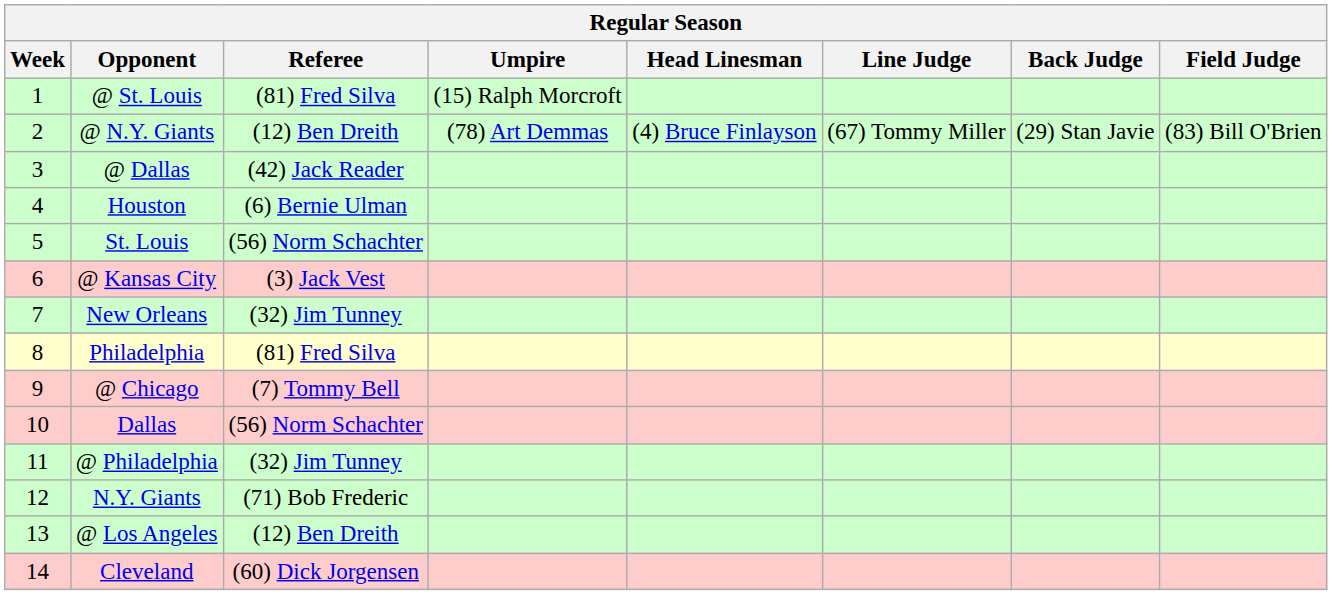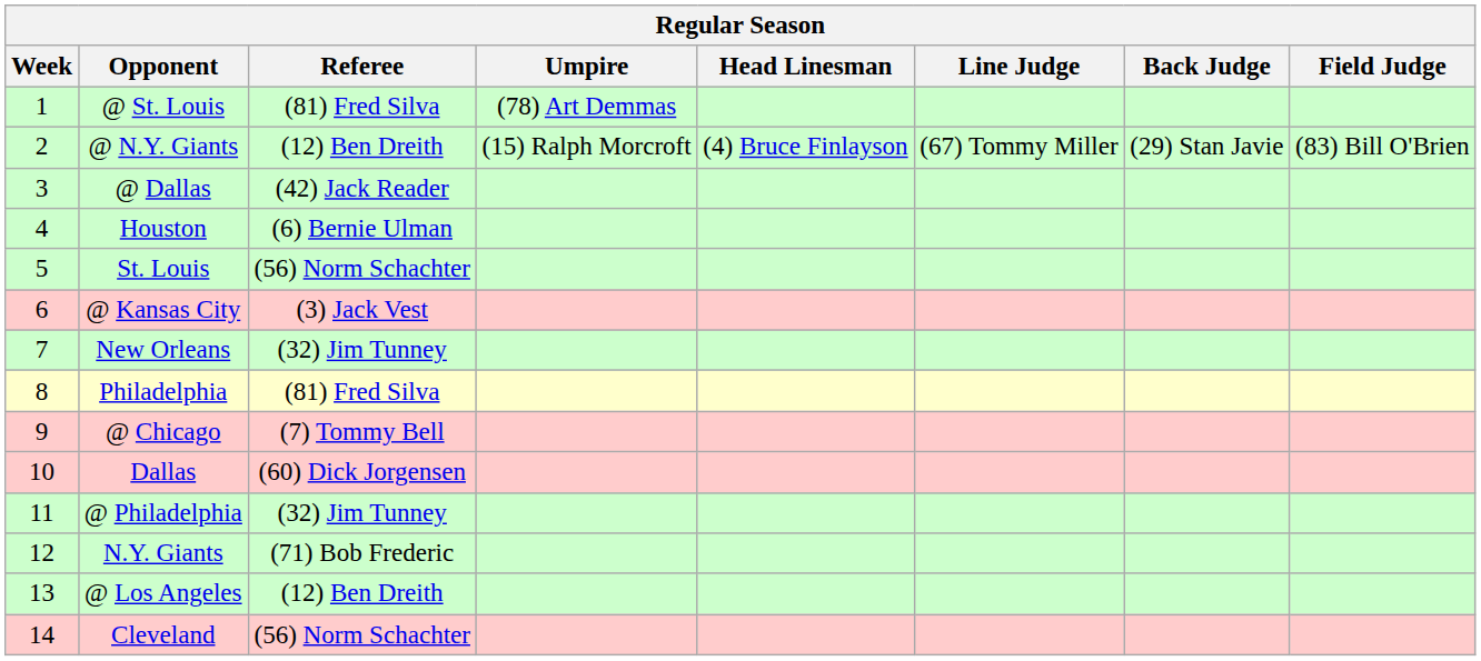 <table class="wikitable" style="text-align:center">
 <tr>
 <th colspan="8">Regular Season</th>
 </tr>
 <tr>
 <th>Week</th>
 <th>Opponent</th>
 <th>Referee</th>
 <th>Umpire</th>
 <th>Head Linesman</th>
 <th>Line Judge</th>
 <th>Back Judge</th>
 <th>Field Judge</th>
 </tr>
 <tr style="background:#cfc">
 <td>1</td>
 <td>@ <a href='#'>St. Louis</a></td>
 <td>(81) <a href='#'>Fred Silva</a></td>
-<td>(15) Ralph Morcroft</td>
+<td>(78) <a href='#'>Art Demmas</a></td>
 <td></td>
 <td></td>
 <td></td>
 <td></td>
 </tr>
 <tr style="background:#cfc">
 <td>2</td>
 <td>@ <a href='#'>N.Y. Giants</a></td>
 <td>(12) <a href='#'>Ben Dreith</a></td>
-<td>(78) <a href='#'>Art Demmas</a></td>
+<td>(15) Ralph Morcroft</td>
 <td>(4) <a href='#'>Bruce Finlayson</a></td>
 <td>(67) Tommy Miller</td>
 <td>(29) Stan Javie</td>
 <td>(83) Bill O'Brien</td>
 </tr>
 <tr style="background:#cfc">
 <td>3</td>
 <td>@ <a href='#'>Dallas</a></td>
 <td>(42) <a href='#'>Jack Reader</a></td>
 <td></td>
 <td></td>
 <td></td>
 <td></td>
 <td></td>
 </tr>
 <tr style="background:#cfc">
 <td>4</td>
 <td><a href='#'>Houston</a></td>
 <td>(6) <a href='#'>Bernie Ulman</a></td>
 <td></td>
 <td></td>
 <td></td>
 <td></td>
 <td></td>
 </tr>
 <tr style="background:#cfc">
 <td>5</td>
 <td><a href='#'>St. Louis</a></td>
 <td>(56) <a href='#'>Norm Schachter</a></td>
 <td></td>
 <td></td>
 <td></td>
 <td></td>
 <td></td>
 </tr>
 <tr style="background:#fcc">
 <td>6</td>
 <td>@ <a href='#'>Kansas City</a></td>
 <td>(3) <a href='#'>Jack Vest</a></td>
 <td></td>
 <td></td>
 <td></td>
 <td></td>
 <td></td>
 </tr>
 <tr style="background:#cfc">
 <td>7</td>
 <td><a href='#'>New Orleans</a></td>
 <td>(32) <a href='#'>Jim Tunney</a></td>
 <td></td>
 <td></td>
 <td></td>
 <td></td>
 <td></td>
 </tr>
 <tr style="background:#ffc">
 <td>8</td>
 <td><a href='#'>Philadelphia</a></td>
 <td>(81) <a href='#'>Fred Silva</a></td>
 <td></td>
 <td></td>
 <td></td>
 <td></td>
 <td></td>
 </tr>
 <tr style="background:#fcc">
 <td>9</td>
 <td>@ <a href='#'>Chicago</a></td>
 <td>(7) <a href='#'>Tommy Bell</a></td>
 <td></td>
 <td></td>
 <td></td>
 <td></td>
 <td></td>
 </tr>
 <tr style="background:#fcc">
 <td>10</td>
 <td><a href='#'>Dallas</a></td>
-<td>(56) <a href='#'>Norm Schachter</a></td>
+<td>(60) <a href='#'>Dick Jorgensen</a></td>
 <td></td>
 <td></td>
 <td></td>
 <td></td>
 <td></td>
 </tr>
 <tr style="background:#cfc">
 <td>11</td>
 <td>@ <a href='#'>Philadelphia</a></td>
 <td>(32) <a href='#'>Jim Tunney</a></td>
 <td></td>
 <td></td>
 <td></td>
 <td></td>
 <td></td>
 </tr>
 <tr style="background:#cfc">
 <td>12</td>
 <td><a href='#'>N.Y. Giants</a></td>
 <td>(71) Bob Frederic</td>
 <td></td>
 <td></td>
 <td></td>
 <td></td>
 <td></td>
 </tr>
 <tr style="background:#cfc">
 <td>13</td>
 <td>@ <a href='#'>Los Angeles</a></td>
 <td>(12) <a href='#'>Ben Dreith</a></td>
 <td></td>
 <td></td>
 <td></td>
 <td></td>
 <td></td>
 </tr>
 <tr style="background:#fcc">
 <td>14</td>
 <td><a href='#'>Cleveland</a></td>
-<td>(60) <a href='#'>Dick Jorgensen</a></td>
+<td>(56) <a href='#'>Norm Schachter</a></td>
 <td></td>
 <td></td>
 <td></td>
 <td></td>
 <td></td>
 </tr>
 </table>
